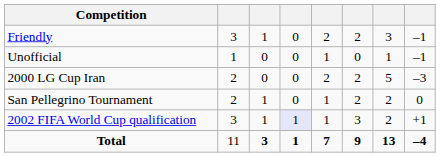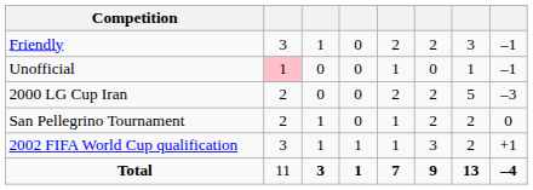 <table class="wikitable" style="text-align: center;">
 <tr>
 <th width=250>Competition</th>
 <th width=30></th>
 <th width=30></th>
 <th width=30></th>
 <th width=30></th>
 <th width=30></th>
 <th width=30></th>
 <th width=30></th>
 </tr>
 <tr>
 <td align=left><a href='#'>Friendly</a></td>
 <td>3</td>
 <td>1</td>
 <td>0</td>
 <td>2</td>
 <td>2</td>
 <td>3</td>
 <td>–1</td>
 </tr>
 <tr>
 <td align=left>Unofficial</td>
-<td>1</td>
+<td style="background: pink;">1</td>
 <td>0</td>
 <td>0</td>
 <td>1</td>
 <td>0</td>
 <td>1</td>
 <td>–1</td>
 </tr>
 <tr>
 <td align=left>2000 LG Cup Iran</td>
 <td>2</td>
 <td>0</td>
 <td>0</td>
 <td>2</td>
 <td>2</td>
 <td>5</td>
 <td>–3</td>
 </tr>
 <tr>
 <td align=left>San Pellegrino Tournament</td>
 <td>2</td>
 <td>1</td>
 <td>0</td>
 <td>1</td>
 <td>2</td>
 <td>2</td>
 <td>0</td>
 </tr>
 <tr>
 <td align=left><a href='#'>2002 FIFA World Cup qualification</a></td>
 <td>3</td>
 <td>1</td>
-<td style="background: lavender;">1</td>
+<td>1</td>
 <td>1</td>
 <td>3</td>
 <td>2</td>
 <td>+1</td>
 </tr>
 <tr>
 <td><strong>Total</strong></td>
 <td>11</td>
 <td><strong>3</strong></td>
 <td><strong>1</strong></td>
 <td><strong>7</strong></td>
 <td><strong>9</strong></td>
 <td><strong>13</strong></td>
 <td><strong>–4</strong></td>
 </tr>
 </table>
